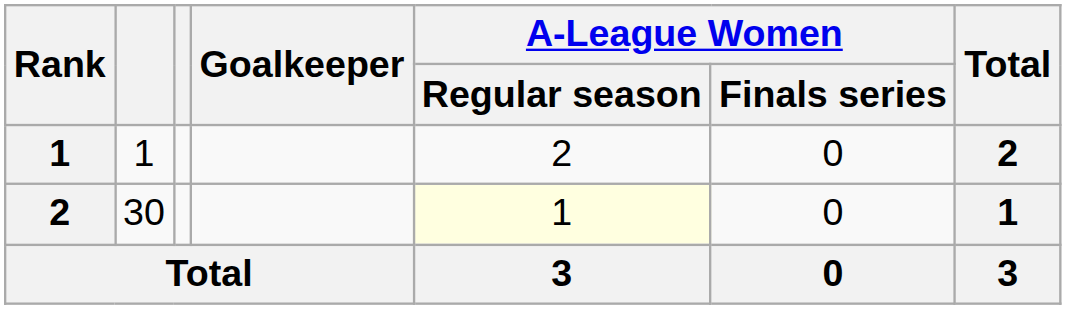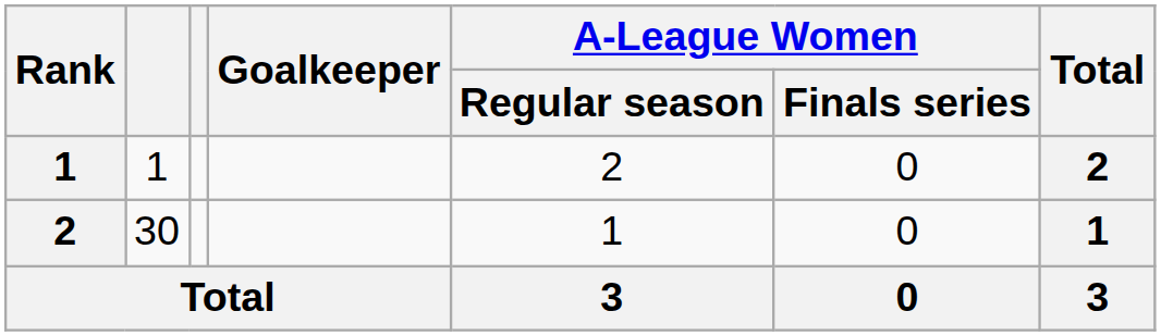 <table class="wikitable" style="text-align:center">
 <tr>
 <th rowspan="2">Rank</th>
 <th rowspan="2"></th>
 <th rowspan="2"></th>
 <th rowspan="2">Goalkeeper</th>
 <th colspan="2"><a href='#'>A-League Women</a></th>
 <th rowspan="2">Total</th>
 </tr>
 <tr>
 <th>Regular season</th>
 <th>Finals series</th>
 </tr>
 <tr>
 <th>1</th>
 <td>1</td>
 <td></td>
 <td align="left"></td>
 <td>2</td>
 <td>0</td>
 <th>2</th>
 </tr>
 <tr>
 <th>2</th>
 <td>30</td>
 <td></td>
 <td align="left"></td>
-<td style="background: lightyellow;">1</td>
+<td>1</td>
 <td>0</td>
 <th>1</th>
 </tr>
 <tr>
 <th colspan="4">Total</th>
 <th>3</th>
 <th>0</th>
 <th>3</th>
 </tr>
 </table>
